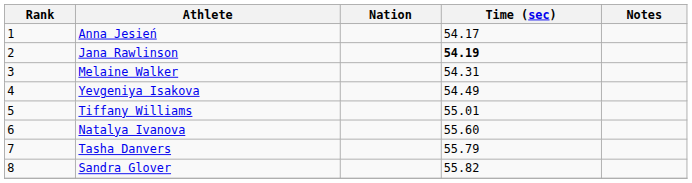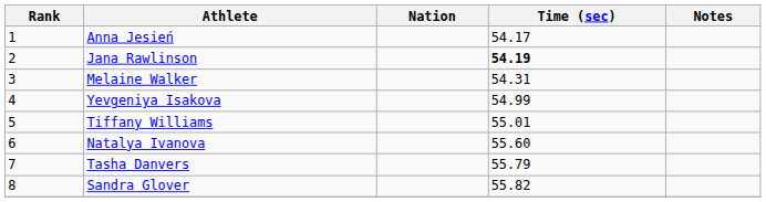 <table class="wikitable" style="text=align:center;" width=85%>
 <tr>
 <th>Rank</th>
 <th>Athlete</th>
 <th>Nation</th>
 <th>Time (<a href='#'>sec</a>)</th>
 <th>Notes</th>
 </tr>
 <tr>
 <td>1</td>
 <td><a href='#'>Anna Jesień</a></td>
 <td></td>
 <td>54.17</td>
 <td></td>
 </tr>
 <tr>
 <td>2</td>
 <td><a href='#'>Jana Rawlinson</a></td>
 <td></td>
 <td><strong>54.19</strong></td>
 <td></td>
 </tr>
 <tr>
 <td>3</td>
 <td><a href='#'>Melaine Walker</a></td>
 <td></td>
 <td>54.31</td>
 <td></td>
 </tr>
 <tr>
 <td>4</td>
 <td><a href='#'>Yevgeniya Isakova</a></td>
 <td></td>
-<td>54.49</td>
+<td>54.99</td>
 <td></td>
 </tr>
 <tr>
 <td>5</td>
 <td><a href='#'>Tiffany Williams</a></td>
 <td></td>
 <td>55.01</td>
 <td></td>
 </tr>
 <tr>
 <td>6</td>
 <td><a href='#'>Natalya Ivanova</a></td>
 <td></td>
 <td>55.60</td>
 <td></td>
 </tr>
 <tr>
 <td>7</td>
 <td><a href='#'>Tasha Danvers</a></td>
 <td></td>
 <td>55.79</td>
 <td></td>
 </tr>
 <tr>
 <td>8</td>
 <td><a href='#'>Sandra Glover</a></td>
 <td></td>
 <td>55.82</td>
 <td></td>
 </tr>
 <tr>
 </tr>
 </table>
